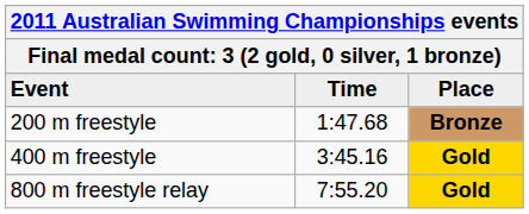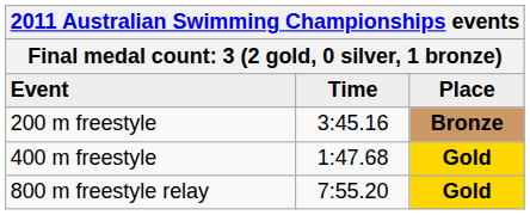 <table class="wikitable"  +>
 <tr style="background:#eee;">
 <th colspan="4"><a href='#'>2011 Australian Swimming Championships</a> events</th>
 </tr>
 <tr style="background:#eee;">
 <th colspan="4">Final medal count: 3 (2 gold, 0 silver, 1 bronze)</th>
 </tr>
 <tr style="background:#eee;">
 <td><strong>Event</strong></td>
 <td style="text-align:center;"><strong>Time</strong></td>
 <td style="text-align:center;"><strong>Place</strong></td>
 </tr>
 <tr>
 <td>200 m freestyle</td>
-<td style="text-align:center;">1:47.68</td>
+<td style="text-align:center;">3:45.16</td>
 <td bgcolor="cc9966" align="center"><strong>Bronze</strong></td>
 </tr>
 <tr>
 <td>400 m freestyle</td>
-<td style="text-align:center;">3:45.16</td>
+<td style="text-align:center;">1:47.68</td>
 <td style="background:gold; text-align:center;"><strong>Gold</strong></td>
 </tr>
 <tr>
 <td>800 m freestyle relay</td>
 <td style="text-align:center;">7:55.20</td>
 <td style="background:gold; text-align:center;"><strong>Gold</strong></td>
 </tr>
 </table>
